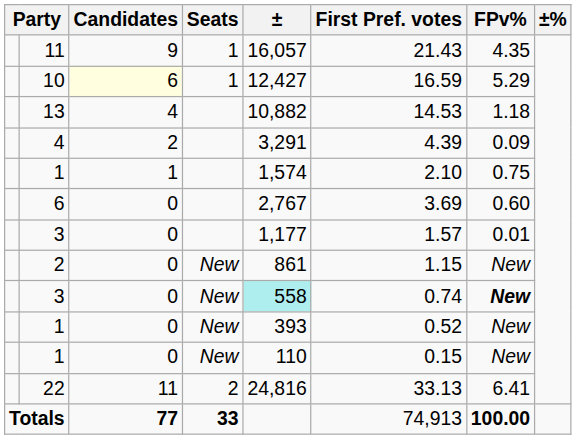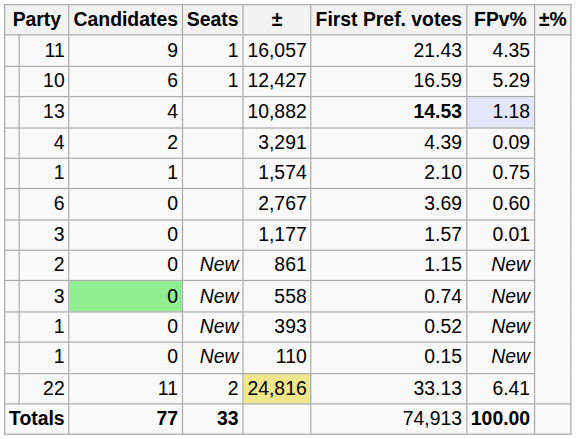 <table class=wikitable>
 <tr>
 <th colspan=2 align=center>Party</th>
 <th valign=top>Candidates</th>
 <th valign=top>Seats</th>
 <th valign=top>±</th>
 <th valign=top>First Pref. votes</th>
 <th valign=top>FPv%</th>
 <th valign=top>±%</th>
 </tr>
 <tr>
 <td></td>
 <td align=right>11</td>
 <td align=right>9</td>
 <td align=right>1</td>
 <td align=right>16,057</td>
 <td align=right>21.43</td>
 <td align=right>4.35</td>
 </tr>
 <tr>
 <td></td>
 <td align=right>10</td>
-<td align=right style="background: lightyellow;">6</td>
+<td align=right>6</td>
 <td align=right>1</td>
 <td align=right>12,427</td>
 <td align=right>16.59</td>
 <td align=right>5.29</td>
 </tr>
 <tr>
 <td></td>
 <td align=right>13</td>
 <td align=right>4</td>
 <td align=right></td>
 <td align=right>10,882</td>
-<td align=right>14.53</td>
-<td align=right>1.18</td>
+<td align=right><strong>14.53</strong></td>
+<td align=right style="background: lavender;">1.18</td>
 </tr>
 <tr>
 <td></td>
 <td align=right>4</td>
 <td align=right>2</td>
 <td align=right></td>
 <td align=right>3,291</td>
 <td align=right>4.39</td>
 <td align=right>0.09</td>
 </tr>
 <tr>
 <td></td>
 <td align=right>1</td>
 <td align=right>1</td>
 <td align=right></td>
 <td align=right>1,574</td>
 <td align=right>2.10</td>
 <td align=right>0.75</td>
 </tr>
 <tr>
 <td></td>
 <td align=right>6</td>
 <td align=right>0</td>
 <td align=right></td>
 <td align=right>2,767</td>
 <td align=right>3.69</td>
 <td align=right>0.60</td>
 </tr>
 <tr>
 <td></td>
 <td align=right>3</td>
 <td align=right>0</td>
 <td align=right></td>
 <td align=right>1,177</td>
 <td align=right>1.57</td>
 <td align=right>0.01</td>
 </tr>
 <tr>
 <td></td>
 <td align=right>2</td>
 <td align=right>0</td>
 <td align=right><em>New</em></td>
 <td align=right>861</td>
 <td align=right>1.15</td>
 <td align=right><em>New</em></td>
 </tr>
 <tr>
 <td></td>
 <td align=right>3</td>
-<td align=right>0</td>
+<td align=right style="background: lightgreen;">0</td>
 <td align=right><em>New</em></td>
-<td align=right style="background: paleturquoise;">558</td>
+<td align=right>558</td>
 <td align=right>0.74</td>
-<td align=right><strong><em>New</em></strong></td>
+<td align=right><em>New</em></td>
 </tr>
 <tr>
 <td></td>
 <td align=right>1</td>
 <td align=right>0</td>
 <td align=right><em>New</em></td>
 <td align=right>393</td>
 <td align=right>0.52</td>
 <td align=right><em>New</em></td>
 </tr>
 <tr>
 <td></td>
 <td align=right>1</td>
 <td align=right>0</td>
 <td align=right><em>New</em></td>
 <td align=right>110</td>
 <td align=right>0.15</td>
 <td align=right><em>New</em></td>
 </tr>
 <tr>
 <td></td>
 <td align=right>22</td>
 <td align=right>11</td>
 <td align=right>2</td>
-<td align=right>24,816</td>
+<td align=right style="background: khaki;">24,816</td>
 <td align=right>33.13</td>
 <td align=right>6.41</td>
 </tr>
 <tr>
 <td colspan=2 align=center><strong>Totals</strong></td>
 <td align=right><strong>77</strong></td>
 <td align=right><strong>33</strong></td>
 <td align=center></td>
 <td align=right>74,913</td>
 <td align=center><strong>100.00</strong></td>
 <td align=center></td>
 </tr>
 </table>
